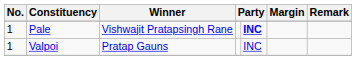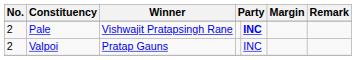 <table class="wikitable sortable" border="1">
 <tr>
 <th>No.</th>
 <th>Constituency</th>
 <th>Winner</th>
 <th colspan="2">Party</th>
 <th>Margin</th>
 <th>Remark</th>
 </tr>
 <tr>
 </tr>
 <tr>
-<td>1</td>
+<td>2</td>
 <td><a href='#'>Pale</a></td>
 <td><a href='#'>Vishwajit Pratapsingh Rane</a></td>
 <td></td>
 <td><strong><a href='#'>INC</a></strong></td>
 <td></td>
 <td></td>
 </tr>
 <tr>
-<td>1</td>
+<td>2</td>
 <td><a href='#'>Valpoi</a></td>
 <td><a href='#'>Pratap Gauns</a></td>
 <td></td>
 <td><a href='#'>INC</a></td>
 <td></td>
 <td></td>
 </tr>
 <tr>
 </tr>
 </table>
